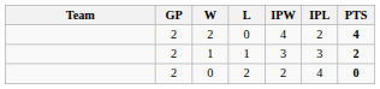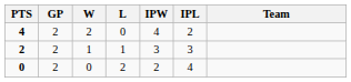 <table class="wikitable" style="text-align: center">
 <tr>
-<th style="width: 188px">Team</th>
+<th style="width: 40px">PTS</th>
 <th style="width: 40px">GP</th>
 <th style="width: 40px">W</th>
 <th style="width: 40px">L</th>
 <th style="width: 40px">IPW</th>
 <th style="width: 40px">IPL</th>
-<th style="width: 40px">PTS</th>
+<th style="width: 188px">Team</th>
 </tr>
 <tr>
-<td style="text-align: left"></td>
+<td><strong>4</strong></td>
 <td>2</td>
 <td>2</td>
 <td>0</td>
 <td>4</td>
 <td>2</td>
-<td><strong>4</strong></td>
+<td style="text-align: left"></td>
 </tr>
 <tr>
-<td style="text-align: left"></td>
+<td><strong>2</strong></td>
 <td>2</td>
 <td>1</td>
 <td>1</td>
 <td>3</td>
 <td>3</td>
-<td><strong>2</strong></td>
+<td style="text-align: left"></td>
 </tr>
 <tr>
-<td style="text-align: left"></td>
+<td><strong>0</strong></td>
 <td>2</td>
 <td>0</td>
 <td>2</td>
 <td>2</td>
 <td>4</td>
-<td><strong>0</strong></td>
+<td style="text-align: left"></td>
 </tr>
 </table>
